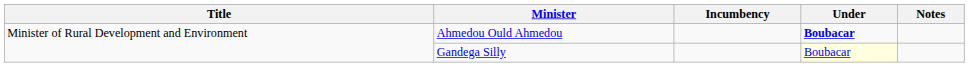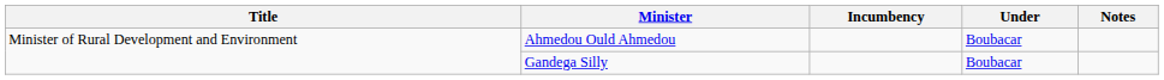 <table class="wikitable" style="width:100%;">
 <tr>
 <th>Title</th>
 <th style="width:25%;"><a href='#'>Minister</a></th>
 <th style="width:160px;">Incumbency</th>
 <th style="width:10%;">Under</th>
 <th style="width:7%;">Notes</th>
 </tr>
 <tr>
 <td rowspan="2" style="vertical-align:top;">Minister of Rural Development and Environment</td>
 <td><a href='#'>Ahmedou Ould Ahmedou</a></td>
 <td></td>
-<td><strong><a href='#'>Boubacar</a></strong></td>
+<td><a href='#'>Boubacar</a></td>
 <td></td>
 </tr>
 <tr>
 <td><a href='#'>Gandega Silly</a></td>
 <td></td>
-<td style="background: lightyellow;"><a href='#'>Boubacar</a></td>
+<td><a href='#'>Boubacar</a></td>
 <td></td>
 </tr>
 </table>
